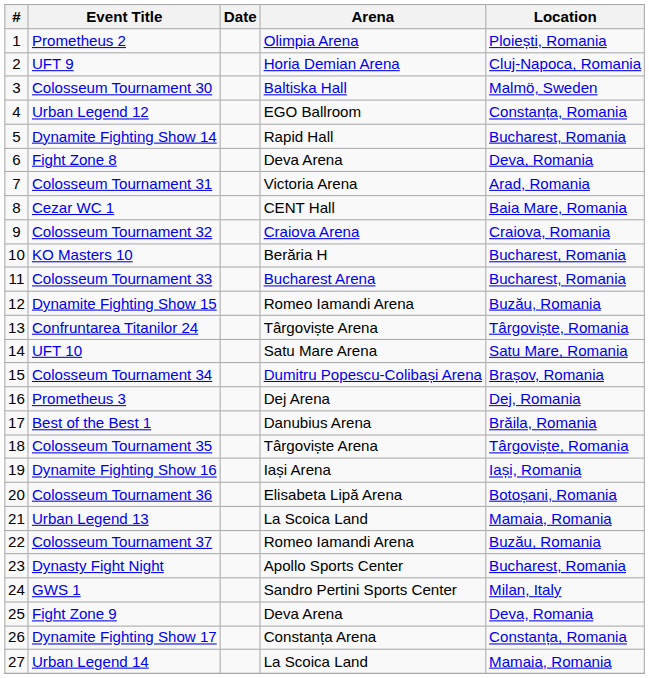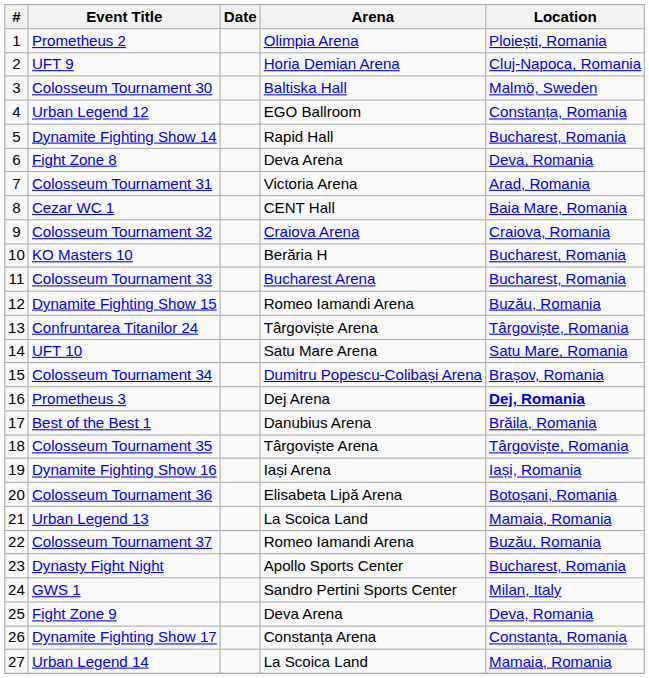 <table class="sortable wikitable succession-box" style="margin:1.0em auto; font-size:90%;">
 <tr>
 <th scope="col">#</th>
 <th scope="col">Event Title</th>
 <th scope="col">Date</th>
 <th scope="col">Arena</th>
 <th scope="col">Location</th>
 </tr>
 <tr>
 <td align=center>1</td>
 <td><a href='#'>Prometheus 2</a></td>
 <td></td>
 <td><a href='#'>Olimpia Arena</a></td>
 <td> <a href='#'>Ploiești, Romania</a></td>
 </tr>
 <tr>
 <td align=center>2</td>
 <td><a href='#'>UFT 9</a></td>
 <td></td>
 <td><a href='#'>Horia Demian Arena</a></td>
 <td> <a href='#'>Cluj-Napoca, Romania</a></td>
 </tr>
 <tr>
 <td align=center>3</td>
 <td><a href='#'>Colosseum Tournament 30</a></td>
 <td></td>
 <td><a href='#'>Baltiska Hall</a></td>
 <td> <a href='#'>Malmö, Sweden</a></td>
 </tr>
 <tr>
 <td align=center>4</td>
 <td><a href='#'>Urban Legend 12</a></td>
 <td></td>
 <td>EGO Ballroom</td>
 <td> <a href='#'>Constanța, Romania</a></td>
 </tr>
 <tr>
 <td align=center>5</td>
 <td><a href='#'>Dynamite Fighting Show 14</a></td>
 <td></td>
 <td>Rapid Hall</td>
 <td> <a href='#'>Bucharest, Romania</a></td>
 </tr>
 <tr>
 <td align=center>6</td>
 <td><a href='#'>Fight Zone 8</a></td>
 <td></td>
 <td>Deva Arena</td>
 <td> <a href='#'>Deva, Romania</a></td>
 </tr>
 <tr>
 <td align=center>7</td>
 <td><a href='#'>Colosseum Tournament 31</a></td>
 <td></td>
 <td>Victoria Arena</td>
 <td> <a href='#'>Arad, Romania</a></td>
 </tr>
 <tr>
 <td align=center>8</td>
 <td><a href='#'>Cezar WC 1</a></td>
 <td></td>
 <td>CENT Hall</td>
 <td> <a href='#'>Baia Mare, Romania</a></td>
 </tr>
 <tr>
 <td align=center>9</td>
 <td><a href='#'>Colosseum Tournament 32</a></td>
 <td></td>
 <td><a href='#'>Craiova Arena</a></td>
 <td> <a href='#'>Craiova, Romania</a></td>
 </tr>
 <tr>
 <td align=center>10</td>
 <td><a href='#'>KO Masters 10</a></td>
 <td></td>
 <td>Berăria H</td>
 <td> <a href='#'>Bucharest, Romania</a></td>
 </tr>
 <tr>
 <td align=center>11</td>
 <td><a href='#'>Colosseum Tournament 33</a></td>
 <td></td>
 <td><a href='#'>Bucharest Arena</a></td>
 <td> <a href='#'>Bucharest, Romania</a></td>
 </tr>
 <tr>
 <td align=center>12</td>
 <td><a href='#'>Dynamite Fighting Show 15</a></td>
 <td></td>
 <td>Romeo Iamandi Arena</td>
 <td> <a href='#'>Buzău, Romania</a></td>
 </tr>
 <tr>
 <td align=center>13</td>
 <td><a href='#'>Confruntarea Titanilor 24</a></td>
 <td></td>
 <td>Târgoviște Arena</td>
 <td> <a href='#'>Târgoviște, Romania</a></td>
 </tr>
 <tr>
 <td align=center>14</td>
 <td><a href='#'>UFT 10</a></td>
 <td></td>
 <td>Satu Mare Arena</td>
 <td> <a href='#'>Satu Mare, Romania</a></td>
 </tr>
 <tr>
 <td align=center>15</td>
 <td><a href='#'>Colosseum Tournament 34</a></td>
 <td></td>
 <td><a href='#'>Dumitru Popescu-Colibași Arena</a></td>
 <td> <a href='#'>Brașov, Romania</a></td>
 </tr>
 <tr>
 <td align=center>16</td>
 <td><a href='#'>Prometheus 3</a></td>
 <td></td>
 <td>Dej Arena</td>
-<td> <a href='#'>Dej, Romania</a></td>
+<td><strong> <a href='#'>Dej, Romania</a></strong></td>
 </tr>
 <tr>
 <td align=center>17</td>
 <td><a href='#'>Best of the Best 1</a></td>
 <td></td>
 <td>Danubius Arena</td>
 <td> <a href='#'>Brăila, Romania</a></td>
 </tr>
 <tr>
 <td align=center>18</td>
 <td><a href='#'>Colosseum Tournament 35</a></td>
 <td></td>
 <td>Târgoviște Arena</td>
 <td> <a href='#'>Târgoviște, Romania</a></td>
 </tr>
 <tr>
 <td align=center>19</td>
 <td><a href='#'>Dynamite Fighting Show 16</a></td>
 <td></td>
 <td>Iași Arena</td>
 <td> <a href='#'>Iași, Romania</a></td>
 </tr>
 <tr>
 <td align=center>20</td>
 <td><a href='#'>Colosseum Tournament 36</a></td>
 <td></td>
 <td>Elisabeta Lipă Arena</td>
 <td> <a href='#'>Botoșani, Romania</a></td>
 </tr>
 <tr>
 <td align=center>21</td>
 <td><a href='#'>Urban Legend 13</a></td>
 <td></td>
 <td>La Scoica Land</td>
 <td> <a href='#'>Mamaia, Romania</a></td>
 </tr>
 <tr>
 <td align=center>22</td>
 <td><a href='#'>Colosseum Tournament 37</a></td>
 <td></td>
 <td>Romeo Iamandi Arena</td>
 <td> <a href='#'>Buzău, Romania</a></td>
 </tr>
 <tr>
 <td align=center>23</td>
 <td><a href='#'>Dynasty Fight Night</a></td>
 <td></td>
 <td>Apollo Sports Center</td>
 <td> <a href='#'>Bucharest, Romania</a></td>
 </tr>
 <tr>
 <td align=center>24</td>
 <td><a href='#'>GWS 1</a></td>
 <td></td>
 <td>Sandro Pertini Sports Center</td>
 <td> <a href='#'>Milan, Italy</a></td>
 </tr>
 <tr>
 <td align=center>25</td>
 <td><a href='#'>Fight Zone 9</a></td>
 <td></td>
 <td>Deva Arena</td>
 <td> <a href='#'>Deva, Romania</a></td>
 </tr>
 <tr>
 <td align=center>26</td>
 <td><a href='#'>Dynamite Fighting Show 17</a></td>
 <td></td>
 <td>Constanța Arena</td>
 <td> <a href='#'>Constanța, Romania</a></td>
 </tr>
 <tr>
 <td align=center>27</td>
 <td><a href='#'>Urban Legend 14</a></td>
 <td></td>
 <td>La Scoica Land</td>
 <td> <a href='#'>Mamaia, Romania</a></td>
 </tr>
 <tr>
 </tr>
 </table>
